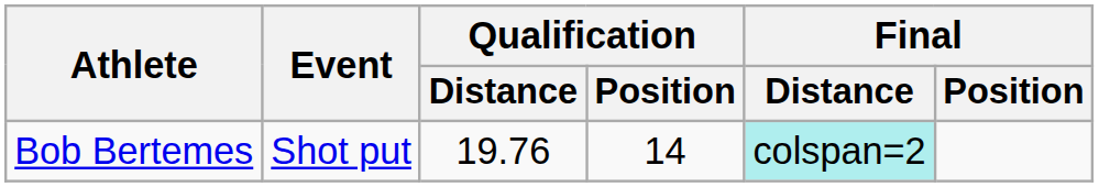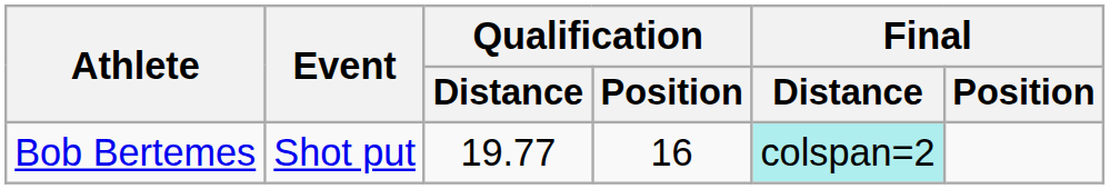 <table class="wikitable" style="font-size:90%">
 <tr>
 <th rowspan="2">Athlete</th>
 <th rowspan="2">Event</th>
 <th colspan="2">Qualification</th>
 <th colspan="2">Final</th>
 </tr>
 <tr style="font-size:95%">
 <th>Distance</th>
 <th>Position</th>
 <th>Distance</th>
 <th>Position</th>
 </tr>
 <tr align="center">
 <td align="left"><a href='#'>Bob Bertemes</a></td>
 <td align="left"><a href='#'>Shot put</a></td>
-<td>19.76</td>
-<td>14</td>
+<td>19.77</td>
+<td>16</td>
 <td style="background: paleturquoise;">colspan=2 </td>
 </tr>
 </table>
